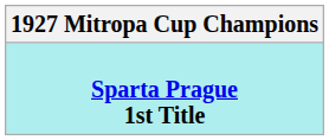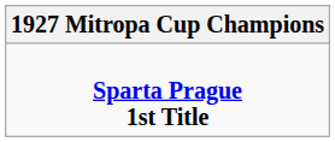 <table class=wikitable style="text-align:center; margin:auto">
 <tr>
 <th>1927 Mitropa Cup Champions</th>
 </tr>
 <tr>
-<td style="background: paleturquoise;"> <br> <strong><a href='#'>Sparta Prague</a></strong> <br> <strong>1st Title</strong></td>
+<td> <br> <strong><a href='#'>Sparta Prague</a></strong> <br> <strong>1st Title</strong></td>
 </tr>
 </table>
